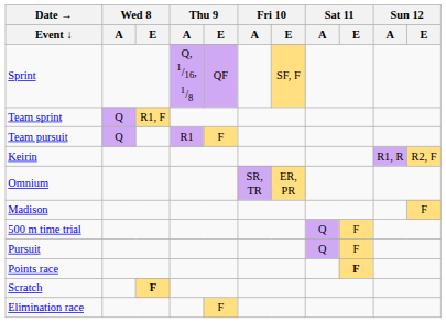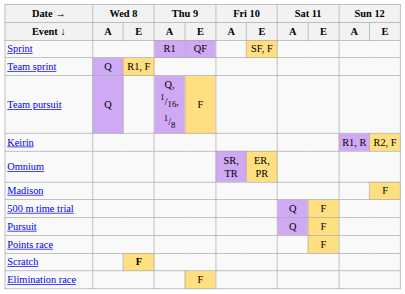 <table class="wikitable" style="margin:0.5em auto; font-size:90%; line-height:1.25em;text-align:center;">
 <tr>
 <th>Date →</th>
 <th colspan=2>Wed 8</th>
 <th colspan=2>Thu 9</th>
 <th colspan=2>Fri 10</th>
 <th colspan=2>Sat 11</th>
 <th colspan=2>Sun 12</th>
 </tr>
 <tr>
 <th style="width:8em;">Event ↓</th>
 <th style="width:2.5em;">A</th>
 <th style="width:2.5em;">E</th>
 <th style="width:2.5em;">A</th>
 <th style="width:2.5em;">E</th>
 <th style="width:2.5em;">A</th>
 <th style="width:2.5em;">E</th>
 <th style="width:2.5em;">A</th>
 <th style="width:2.5em;">E</th>
 <th style="width:2.5em;">A</th>
 <th style="width:2.5em;">E</th>
 </tr>
 <tr>
 <td align=left><a href='#'>Sprint</a></td>
 <td colspan=2></td>
-<td bgcolor=D0A9F5>Q, <sup>1</sup>/<sub>16</sub>, <sup>1</sup>/<sub>8</sub></td>
+<td bgcolor=D0A9F5>R1</td>
 <td bgcolor=D0A9F5>QF</td>
 <td></td>
 <td bgcolor=FFDF80>SF, F</td>
 <td colspan=2></td>
 <td colspan=2></td>
 </tr>
 <tr>
 <td align=left><a href='#'>Team sprint</a></td>
 <td bgcolor=D0A9F5>Q</td>
 <td bgcolor=FFDF80>R1, F</td>
 <td colspan=2></td>
 <td colspan=2></td>
 <td colspan=2></td>
 <td colspan=2></td>
 </tr>
 <tr>
 <td align=left><a href='#'>Team pursuit</a></td>
 <td bgcolor=D0A9F5>Q</td>
 <td></td>
-<td bgcolor=D0A9F5>R1</td>
+<td bgcolor=D0A9F5>Q, <sup>1</sup>/<sub>16</sub>, <sup>1</sup>/<sub>8</sub></td>
 <td bgcolor=FFDF80>F</td>
 <td colspan=2></td>
 <td colspan=2></td>
 <td colspan=2></td>
 </tr>
 <tr>
 <td align=left><a href='#'>Keirin</a></td>
 <td colspan=2></td>
 <td colspan=2></td>
 <td colspan=2></td>
 <td colspan=2></td>
 <td bgcolor="#D0A9F5">R1, R</td>
 <td bgcolor=FFDF80>R2, F</td>
 </tr>
 <tr>
 <td align=left><a href='#'>Omnium</a></td>
 <td colspan=2></td>
 <td colspan=2></td>
 <td bgcolor=D0A9F5>SR, TR</td>
 <td bgcolor=FFDF80>ER, PR</td>
 <td colspan=2></td>
 <td colspan=2></td>
 </tr>
 <tr>
 <td align=left><a href='#'>Madison</a></td>
 <td colspan=2></td>
 <td colspan=2></td>
 <td colspan=2></td>
 <td colspan=2></td>
 <td></td>
 <td bgcolor=FFDF80>F</td>
 </tr>
 <tr>
 <td align=left><a href='#'>500 m time trial</a></td>
 <td colspan=2></td>
 <td colspan=2></td>
 <td colspan=2></td>
 <td bgcolor=D0A9F5>Q</td>
 <td bgcolor=FFDF80>F</td>
 <td colspan=2></td>
 </tr>
 <tr>
 <td align=left><a href='#'>Pursuit</a></td>
 <td colspan=2></td>
 <td colspan=2></td>
 <td colspan=2></td>
 <td bgcolor=D0A9F5>Q</td>
 <td bgcolor=FFDF80>F</td>
 <td colspan=2></td>
 </tr>
 <tr>
 <td align=left><a href='#'>Points race</a></td>
 <td colspan=2></td>
 <td colspan=2></td>
 <td colspan=2></td>
 <td></td>
-<td bgcolor=FFDF80><strong>F</strong></td>
+<td bgcolor=FFDF80>F</td>
 <td colspan=2></td>
 </tr>
 <tr>
 <td align=left><a href='#'>Scratch</a></td>
 <td></td>
 <td bgcolor=FFDF80><strong>F</strong></td>
 <td colspan=2></td>
 <td colspan=2></td>
 <td colspan=2></td>
 <td colspan=2></td>
 </tr>
 <tr>
 <td align=left><a href='#'>Elimination race</a></td>
 <td colspan=2></td>
 <td></td>
 <td bgcolor=FFDF80>F</td>
 <td colspan=2></td>
 <td colspan=2></td>
 <td colspan=2></td>
 </tr>
 </table>
